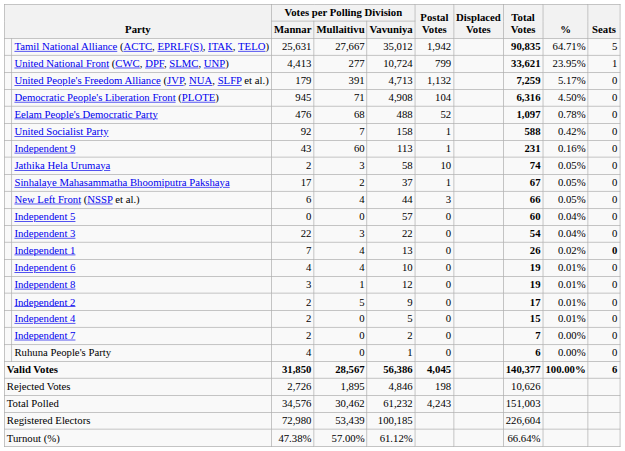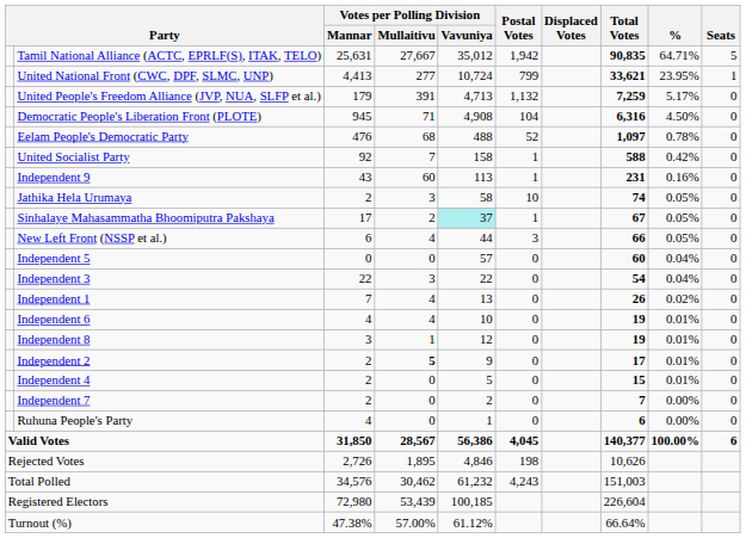 <table class="wikitable" border="1" style="text-align:right;">
 <tr>
 <th align=left valign=bottom rowspan=2 colspan=2>Party</th>
 <th colspan=3>Votes per Polling Division</th>
 <th align=center valign=bottom rowspan=2 width="50">Postal<br>Votes</th>
 <th align=center valign=bottom rowspan=2 width="50">Displaced<br>Votes</th>
 <th align=center valign=bottom rowspan=2 width="50">Total Votes</th>
 <th align=center valign=bottom rowspan=2 width="50">%</th>
 <th align=center valign=bottom rowspan=2 width="40">Seats</th>
 </tr>
 <tr>
 <th align=center valign=bottom width="50">Mannar</th>
 <th align=center valign=bottom width="50">Mullaitivu</th>
 <th align=center valign=bottom width="50">Vavuniya</th>
 </tr>
 <tr>
 <td bgcolor=> </td>
 <td align=left><a href='#'>Tamil National Alliance</a> (<a href='#'>ACTC</a>, <a href='#'>EPRLF(S)</a>, <a href='#'>ITAK</a>, <a href='#'>TELO</a>)</td>
 <td>25,631</td>
 <td>27,667</td>
 <td>35,012</td>
 <td>1,942</td>
 <td></td>
 <td><strong>90,835</strong></td>
 <td>64.71%</td>
 <td>5</td>
 </tr>
 <tr>
 <td bgcolor=> </td>
 <td align=left><a href='#'>United National Front</a> (<a href='#'>CWC</a>, <a href='#'>DPF</a>, <a href='#'>SLMC</a>, <a href='#'>UNP</a>)</td>
 <td>4,413</td>
 <td>277</td>
 <td>10,724</td>
 <td>799</td>
 <td></td>
 <td><strong>33,621</strong></td>
 <td>23.95%</td>
 <td>1</td>
 </tr>
 <tr>
 <td bgcolor=> </td>
 <td align=left><a href='#'>United People's Freedom Alliance</a> (<a href='#'>JVP</a>, <a href='#'>NUA</a>, <a href='#'>SLFP</a> et al.)</td>
 <td>179</td>
 <td>391</td>
 <td>4,713</td>
 <td>1,132</td>
 <td></td>
 <td><strong>7,259</strong></td>
 <td>5.17%</td>
 <td>0</td>
 </tr>
 <tr>
 <td bgcolor=> </td>
 <td align=left><a href='#'>Democratic People's Liberation Front</a> (<a href='#'>PLOTE</a>)</td>
 <td>945</td>
 <td>71</td>
 <td>4,908</td>
 <td>104</td>
 <td></td>
 <td><strong>6,316</strong></td>
 <td>4.50%</td>
 <td>0</td>
 </tr>
 <tr>
 <td bgcolor=> </td>
 <td align=left><a href='#'>Eelam People's Democratic Party</a></td>
 <td>476</td>
 <td>68</td>
 <td>488</td>
 <td>52</td>
 <td></td>
 <td><strong>1,097</strong></td>
 <td>0.78%</td>
 <td>0</td>
 </tr>
 <tr>
 <td bgcolor=> </td>
 <td align=left><a href='#'>United Socialist Party</a></td>
 <td>92</td>
 <td>7</td>
 <td>158</td>
 <td>1</td>
 <td></td>
 <td><strong>588</strong></td>
 <td>0.42%</td>
 <td>0</td>
 </tr>
 <tr>
 <td bgcolor=> </td>
 <td align=left><a href='#'>Independent 9</a></td>
 <td>43</td>
 <td>60</td>
 <td>113</td>
 <td>1</td>
 <td></td>
 <td><strong>231</strong></td>
 <td>0.16%</td>
 <td>0</td>
 </tr>
 <tr>
 <td bgcolor=> </td>
 <td align=left><a href='#'>Jathika Hela Urumaya</a></td>
 <td>2</td>
 <td>3</td>
 <td>58</td>
 <td>10</td>
 <td></td>
 <td><strong>74</strong></td>
 <td>0.05%</td>
 <td>0</td>
 </tr>
 <tr>
 <td bgcolor=> </td>
 <td align=left><a href='#'>Sinhalaye Mahasammatha Bhoomiputra Pakshaya</a></td>
 <td>17</td>
 <td>2</td>
-<td>37</td>
+<td style="background: paleturquoise;">37</td>
 <td>1</td>
 <td></td>
 <td><strong>67</strong></td>
 <td>0.05%</td>
 <td>0</td>
 </tr>
 <tr>
 <td bgcolor=> </td>
 <td align=left><a href='#'>New Left Front</a> (<a href='#'>NSSP</a> et al.)</td>
 <td>6</td>
 <td>4</td>
 <td>44</td>
 <td>3</td>
 <td></td>
 <td><strong>66</strong></td>
 <td>0.05%</td>
 <td>0</td>
 </tr>
 <tr>
 <td bgcolor=> </td>
 <td align=left><a href='#'>Independent 5</a></td>
 <td>0</td>
 <td>0</td>
 <td>57</td>
 <td>0</td>
 <td></td>
 <td><strong>60</strong></td>
 <td>0.04%</td>
 <td>0</td>
 </tr>
 <tr>
 <td bgcolor=> </td>
 <td align=left><a href='#'>Independent 3</a></td>
 <td>22</td>
 <td>3</td>
 <td>22</td>
 <td>0</td>
 <td></td>
 <td><strong>54</strong></td>
 <td>0.04%</td>
 <td>0</td>
 </tr>
 <tr>
 <td bgcolor=> </td>
 <td align=left><a href='#'>Independent 1</a></td>
 <td>7</td>
 <td>4</td>
 <td>13</td>
 <td>0</td>
 <td></td>
 <td><strong>26</strong></td>
 <td>0.02%</td>
-<td><strong>0</strong></td>
+<td>0</td>
 </tr>
 <tr>
 <td bgcolor=> </td>
 <td align=left><a href='#'>Independent 6</a></td>
 <td>4</td>
 <td>4</td>
 <td>10</td>
 <td>0</td>
 <td></td>
 <td><strong>19</strong></td>
 <td>0.01%</td>
 <td>0</td>
 </tr>
 <tr>
 <td bgcolor=> </td>
 <td align=left><a href='#'>Independent 8</a></td>
 <td>3</td>
 <td>1</td>
 <td>12</td>
 <td>0</td>
 <td></td>
 <td><strong>19</strong></td>
 <td>0.01%</td>
 <td>0</td>
 </tr>
 <tr>
 <td bgcolor=> </td>
 <td align=left><a href='#'>Independent 2</a></td>
 <td>2</td>
-<td>5</td>
+<td><strong>5</strong></td>
 <td>9</td>
 <td>0</td>
 <td></td>
 <td><strong>17</strong></td>
 <td>0.01%</td>
 <td>0</td>
 </tr>
 <tr>
 <td bgcolor=> </td>
 <td align=left><a href='#'>Independent 4</a></td>
 <td>2</td>
 <td>0</td>
 <td>5</td>
 <td>0</td>
 <td></td>
 <td><strong>15</strong></td>
 <td>0.01%</td>
 <td>0</td>
 </tr>
 <tr>
 <td bgcolor=> </td>
 <td align=left><a href='#'>Independent 7</a></td>
 <td>2</td>
 <td>0</td>
 <td>2</td>
 <td>0</td>
 <td></td>
 <td><strong>7</strong></td>
 <td>0.00%</td>
 <td>0</td>
 </tr>
 <tr>
 <td></td>
 <td align=left>Ruhuna People's Party</td>
 <td>4</td>
 <td>0</td>
 <td>1</td>
 <td>0</td>
 <td></td>
 <td><strong>6</strong></td>
 <td>0.00%</td>
 <td>0</td>
 </tr>
 <tr>
 <td align=left colspan=2><strong>Valid Votes</strong></td>
 <td><strong>31,850</strong></td>
 <td><strong>28,567</strong></td>
 <td><strong>56,386</strong></td>
 <td><strong>4,045</strong></td>
 <td></td>
 <td><strong>140,377</strong></td>
 <td><strong>100.00%</strong></td>
 <td><strong>6</strong></td>
 </tr>
 <tr>
 <td align=left colspan=2>Rejected Votes</td>
 <td>2,726</td>
 <td>1,895</td>
 <td>4,846</td>
 <td>198</td>
 <td></td>
 <td>10,626</td>
 <td></td>
 <td></td>
 </tr>
 <tr>
 <td align=left colspan=2>Total Polled</td>
 <td>34,576</td>
 <td>30,462</td>
 <td>61,232</td>
 <td>4,243</td>
 <td></td>
 <td>151,003</td>
 <td></td>
 <td></td>
 </tr>
 <tr>
 <td align=left colspan=2>Registered Electors</td>
 <td>72,980</td>
 <td>53,439</td>
 <td>100,185</td>
 <td></td>
 <td></td>
 <td>226,604</td>
 <td></td>
 <td></td>
 </tr>
 <tr>
 <td align=left colspan=2>Turnout (%)</td>
 <td>47.38%</td>
 <td>57.00%</td>
 <td>61.12%</td>
 <td></td>
 <td></td>
 <td>66.64%</td>
 <td></td>
 <td></td>
 </tr>
 </table>
